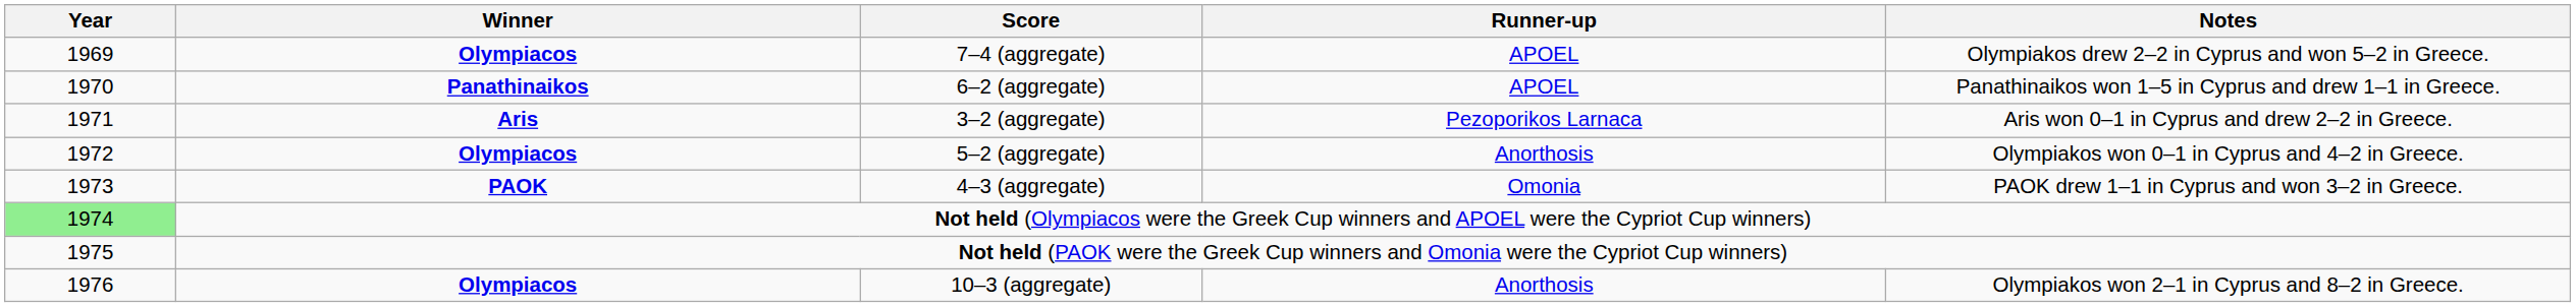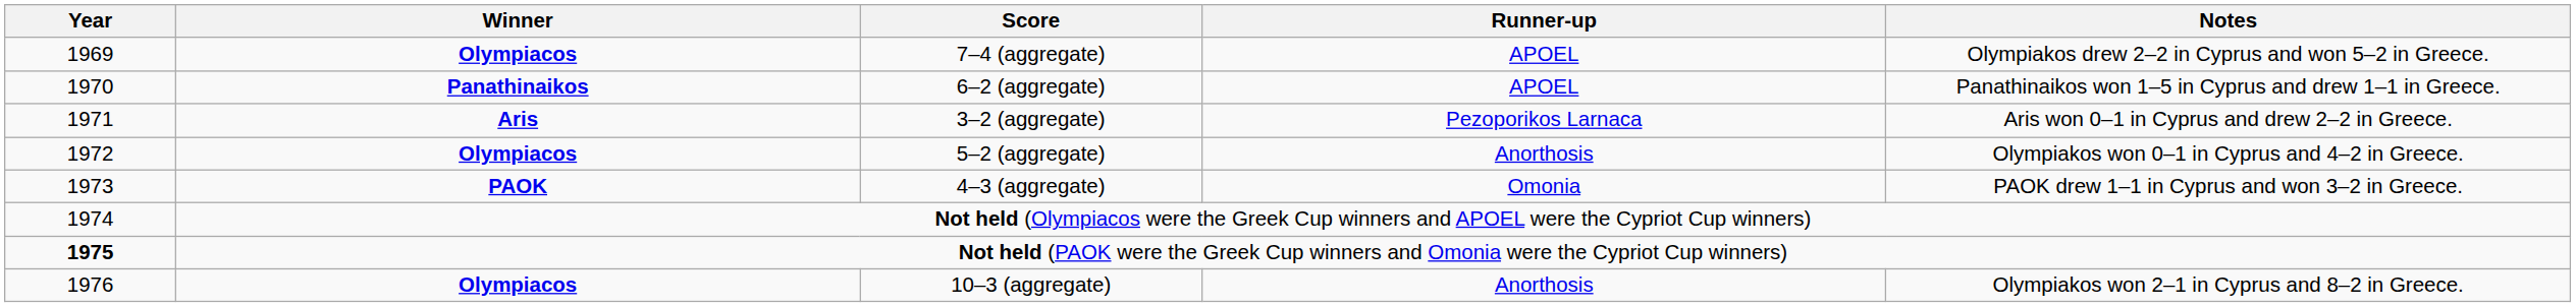 <table class="wikitable" style="text-align: center;">
 <tr>
 <th width=5%>Year</th>
 <th width=20%>Winner</th>
 <th width=10%>Score</th>
 <th width=20%>Runner-up</th>
 <th width=20%>Notes</th>
 </tr>
 <tr>
 <td>1969</td>
 <td><strong><a href='#'>Olympiacos</a></strong></td>
 <td>7–4 (aggregate)</td>
 <td><a href='#'>APOEL</a></td>
 <td>Olympiakos drew 2–2 in Cyprus and won 5–2 in Greece.</td>
 </tr>
 <tr>
 <td>1970</td>
 <td><strong><a href='#'>Panathinaikos</a></strong></td>
 <td>6–2 (aggregate)</td>
 <td><a href='#'>APOEL</a></td>
 <td>Panathinaikos won 1–5 in Cyprus and drew 1–1 in Greece.</td>
 </tr>
 <tr>
 <td>1971</td>
 <td><strong><a href='#'>Aris</a></strong></td>
 <td>3–2 (aggregate)</td>
 <td><a href='#'>Pezoporikos Larnaca</a></td>
 <td>Aris won 0–1 in Cyprus and drew 2–2 in Greece.</td>
 </tr>
 <tr>
 <td>1972</td>
 <td><strong><a href='#'>Olympiacos</a></strong></td>
 <td>5–2 (aggregate)</td>
 <td><a href='#'>Anorthosis</a></td>
 <td>Olympiakos won 0–1 in Cyprus and 4–2 in Greece.</td>
 </tr>
 <tr>
 <td>1973</td>
 <td><strong><a href='#'>PAOK</a></strong></td>
 <td>4–3 (aggregate)</td>
 <td><a href='#'>Omonia</a></td>
 <td>PAOK drew 1–1 in Cyprus and won 3–2 in Greece.</td>
 </tr>
 <tr>
-<td style="background: lightgreen;">1974</td>
+<td>1974</td>
 <td colspan="4" align="center"><strong>Not held</strong> (<a href='#'>Olympiacos</a> were the Greek Cup winners and <a href='#'>APOEL</a> were the Cypriot Cup winners)</td>
 </tr>
 <tr>
-<td>1975</td>
+<td><strong>1975</strong></td>
 <td colspan="4" align="center"><strong>Not held</strong> (<a href='#'>PAOK</a> were the Greek Cup winners and <a href='#'>Omonia</a> were the Cypriot Cup winners)</td>
 </tr>
 <tr>
 <td>1976</td>
 <td><strong><a href='#'>Olympiacos</a></strong></td>
 <td>10–3 (aggregate)</td>
 <td><a href='#'>Anorthosis</a></td>
 <td>Olympiakos won 2–1 in Cyprus and 8–2 in Greece.</td>
 </tr>
 </table>
